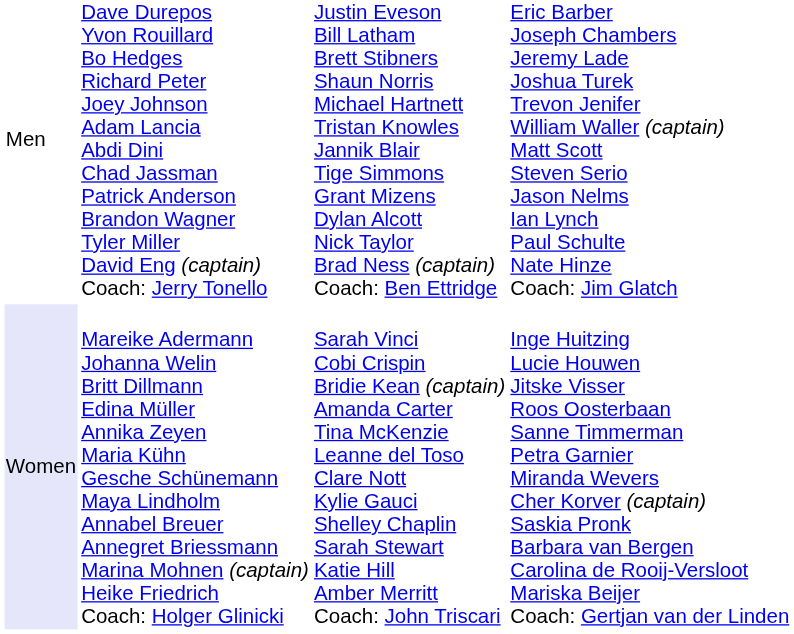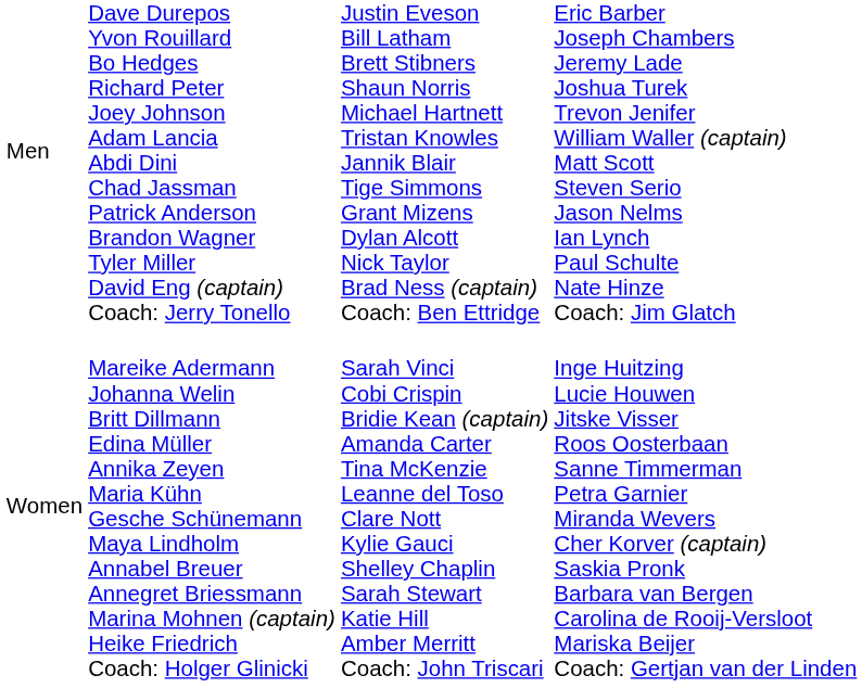 <table>
 <tr>
 <td>Men<br></td>
 <td><br><a href='#'>Dave Durepos</a><br><a href='#'>Yvon Rouillard</a><br><a href='#'>Bo Hedges</a><br><a href='#'>Richard Peter</a><br><a href='#'>Joey Johnson</a><br><a href='#'>Adam Lancia</a><br><a href='#'>Abdi Dini</a><br><a href='#'>Chad Jassman</a><br><a href='#'>Patrick Anderson</a><br><a href='#'>Brandon Wagner</a><br><a href='#'>Tyler Miller</a><br><a href='#'>David Eng</a> <em>(captain)</em><br>Coach: <a href='#'>Jerry Tonello</a></td>
 <td><br><a href='#'>Justin Eveson</a><br><a href='#'>Bill Latham</a><br><a href='#'>Brett Stibners</a><br><a href='#'>Shaun Norris</a><br><a href='#'>Michael Hartnett</a><br><a href='#'>Tristan Knowles</a><br><a href='#'>Jannik Blair</a><br><a href='#'>Tige Simmons</a><br><a href='#'>Grant Mizens</a><br><a href='#'>Dylan Alcott</a><br><a href='#'>Nick Taylor</a><br><a href='#'>Brad Ness</a> <em>(captain)</em><br>Coach: <a href='#'>Ben Ettridge</a></td>
 <td><br><a href='#'>Eric Barber</a><br><a href='#'>Joseph Chambers</a><br><a href='#'>Jeremy Lade</a><br><a href='#'>Joshua Turek</a><br><a href='#'>Trevon Jenifer</a><br><a href='#'>William Waller</a> <em>(captain)</em><br><a href='#'>Matt Scott</a><br><a href='#'>Steven Serio</a><br><a href='#'>Jason Nelms</a><br><a href='#'>Ian Lynch</a><br><a href='#'>Paul Schulte</a><br><a href='#'>Nate Hinze</a><br>Coach: <a href='#'>Jim Glatch</a></td>
 </tr>
 <tr>
-<td style="background: lavender;">Women<br></td>
+<td>Women<br></td>
 <td><br><a href='#'>Mareike Adermann</a><br><a href='#'>Johanna Welin</a><br><a href='#'>Britt Dillmann</a><br><a href='#'>Edina Müller</a><br><a href='#'>Annika Zeyen</a><br><a href='#'>Maria Kühn</a><br><a href='#'>Gesche Schünemann</a><br><a href='#'>Maya Lindholm</a><br><a href='#'>Annabel Breuer</a><br><a href='#'>Annegret Briessmann</a><br><a href='#'>Marina Mohnen</a> <em>(captain)</em><br><a href='#'>Heike Friedrich</a><br>Coach: <a href='#'>Holger Glinicki</a></td>
 <td><br><a href='#'>Sarah Vinci</a><br><a href='#'>Cobi Crispin</a><br><a href='#'>Bridie Kean</a> <em>(captain)</em><br><a href='#'>Amanda Carter</a><br><a href='#'>Tina McKenzie</a><br><a href='#'>Leanne del Toso</a><br><a href='#'>Clare Nott</a><br><a href='#'>Kylie Gauci</a><br><a href='#'>Shelley Chaplin</a><br><a href='#'>Sarah Stewart</a><br><a href='#'>Katie Hill</a><br><a href='#'>Amber Merritt</a><br>Coach: <a href='#'>John Triscari</a></td>
 <td><br><a href='#'>Inge Huitzing</a><br><a href='#'>Lucie Houwen</a><br><a href='#'>Jitske Visser</a><br><a href='#'>Roos Oosterbaan</a><br><a href='#'>Sanne Timmerman</a><br><a href='#'>Petra Garnier</a><br><a href='#'>Miranda Wevers</a><br><a href='#'>Cher Korver</a> <em>(captain)</em><br><a href='#'>Saskia Pronk</a><br><a href='#'>Barbara van Bergen</a><br><a href='#'>Carolina de Rooij-Versloot</a><br><a href='#'>Mariska Beijer</a><br>Coach: <a href='#'>Gertjan van der Linden</a></td>
 </tr>
 </table>
